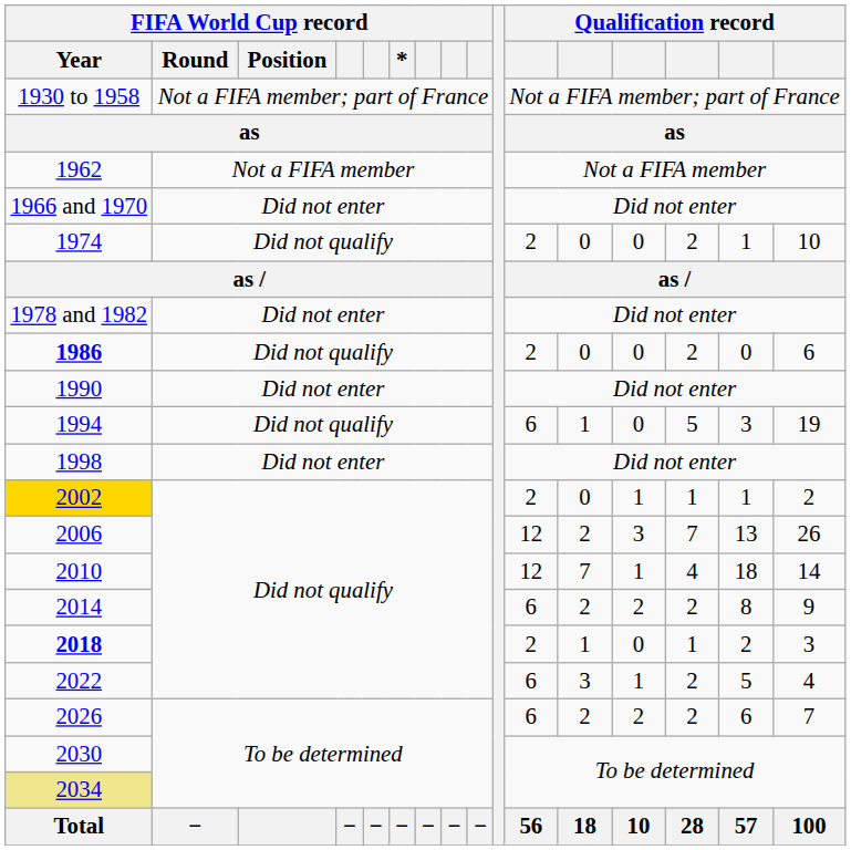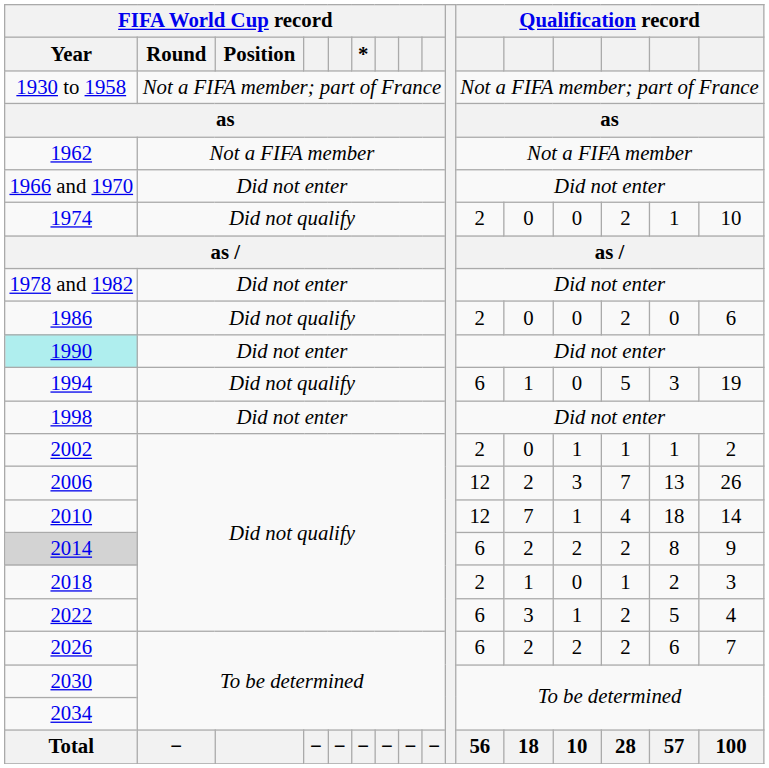 <table class="wikitable" style="text-align: center;">
 <tr>
 <th colspan=9><a href='#'>FIFA World Cup</a> record</th>
 <th rowspan=40></th>
 <th colspan=6><a href='#'>Qualification</a> record</th>
 </tr>
 <tr>
 <th>Year</th>
 <th>Round</th>
 <th>Position</th>
 <th></th>
 <th></th>
 <th>*</th>
 <th></th>
 <th></th>
 <th></th>
 <th></th>
 <th></th>
 <th></th>
 <th></th>
 <th></th>
 <th></th>
 </tr>
 <tr>
 <td> <a href='#'>1930</a> to  <a href='#'>1958</a></td>
 <td colspan=8><em>Not a FIFA member; part of France</em></td>
 <td colspan=6><em>Not a FIFA member; part of France</em></td>
 </tr>
 <tr>
 <th colspan=9>as <strong></strong></th>
 <th colspan=6>as <strong></strong></th>
 </tr>
 <tr>
 <td> <a href='#'>1962</a></td>
 <td colspan=8><em>Not a FIFA member</em></td>
 <td colspan=6><em>Not a FIFA member</em></td>
 </tr>
 <tr>
 <td> <a href='#'>1966</a> and  <a href='#'>1970</a></td>
 <td colspan=8><em>Did not enter</em></td>
 <td colspan=6><em>Did not enter</em></td>
 </tr>
 <tr>
 <td> <a href='#'>1974</a></td>
 <td colspan=8><em>Did not qualify</em></td>
 <td>2</td>
 <td>0</td>
 <td>0</td>
 <td>2</td>
 <td>1</td>
 <td>10</td>
 </tr>
 <tr>
 <th colspan=9>as <strong> / </strong></th>
 <th colspan=6>as <strong> / </strong></th>
 </tr>
 <tr>
 <td> <a href='#'>1978</a> and  <a href='#'>1982</a></td>
 <td colspan=8><em>Did not enter</em></td>
 <td colspan=6><em>Did not enter</em></td>
 </tr>
 <tr>
-<td><strong> <a href='#'>1986</a></strong></td>
+<td> <a href='#'>1986</a></td>
 <td colspan=8><em>Did not qualify</em></td>
 <td>2</td>
 <td>0</td>
 <td>0</td>
 <td>2</td>
 <td>0</td>
 <td>6</td>
 </tr>
 <tr>
-<td> <a href='#'>1990</a></td>
+<td style="background: paleturquoise;"> <a href='#'>1990</a></td>
 <td colspan=8><em>Did not enter</em></td>
 <td colspan=6><em>Did not enter</em></td>
 </tr>
 <tr>
 <td> <a href='#'>1994</a></td>
 <td colspan=8><em>Did not qualify</em></td>
 <td>6</td>
 <td>1</td>
 <td>0</td>
 <td>5</td>
 <td>3</td>
 <td>19</td>
 </tr>
 <tr>
 <td> <a href='#'>1998</a></td>
 <td colspan=8><em>Did not enter</em></td>
 <td colspan=6><em>Did not enter</em></td>
 </tr>
 <tr>
-<td style="background: gold;">  <a href='#'>2002</a></td>
+<td>  <a href='#'>2002</a></td>
 <td colspan=8 rowspan=6><em>Did not qualify</em></td>
 <td>2</td>
 <td>0</td>
 <td>1</td>
 <td>1</td>
 <td>1</td>
 <td>2</td>
 </tr>
 <tr>
 <td> <a href='#'>2006</a></td>
 <td>12</td>
 <td>2</td>
 <td>3</td>
 <td>7</td>
 <td>13</td>
 <td>26</td>
 </tr>
 <tr>
 <td> <a href='#'>2010</a></td>
 <td>12</td>
 <td>7</td>
 <td>1</td>
 <td>4</td>
 <td>18</td>
 <td>14</td>
 </tr>
 <tr>
-<td> <a href='#'>2014</a></td>
+<td style="background: lightgrey;"> <a href='#'>2014</a></td>
 <td>6</td>
 <td>2</td>
 <td>2</td>
 <td>2</td>
 <td>8</td>
 <td>9</td>
 </tr>
 <tr>
-<td><strong> <a href='#'>2018</a></strong></td>
+<td> <a href='#'>2018</a></td>
 <td>2</td>
 <td>1</td>
 <td>0</td>
 <td>1</td>
 <td>2</td>
 <td>3</td>
 </tr>
 <tr>
 <td> <a href='#'>2022</a></td>
 <td>6</td>
 <td>3</td>
 <td>1</td>
 <td>2</td>
 <td>5</td>
 <td>4</td>
 </tr>
 <tr>
 <td>   <a href='#'>2026</a></td>
 <td colspan=8 rowspan=3><em>To be determined</em></td>
 <td>6</td>
 <td>2</td>
 <td>2</td>
 <td>2</td>
 <td>6</td>
 <td>7</td>
 </tr>
 <tr>
 <td>   <a href='#'>2030</a></td>
 <td colspan=6 rowspan=2><em>To be determined</em></td>
 </tr>
 <tr>
-<td style="background: khaki;"> <a href='#'>2034</a></td>
+<td> <a href='#'>2034</a></td>
 </tr>
 <tr>
 <th>Total</th>
 <th>−</th>
 <th></th>
 <th>−</th>
 <th>−</th>
 <th>−</th>
 <th>−</th>
 <th>−</th>
 <th>−</th>
 <th>56</th>
 <th>18</th>
 <th>10</th>
 <th>28</th>
 <th>57</th>
 <th>100</th>
 </tr>
 </table>
